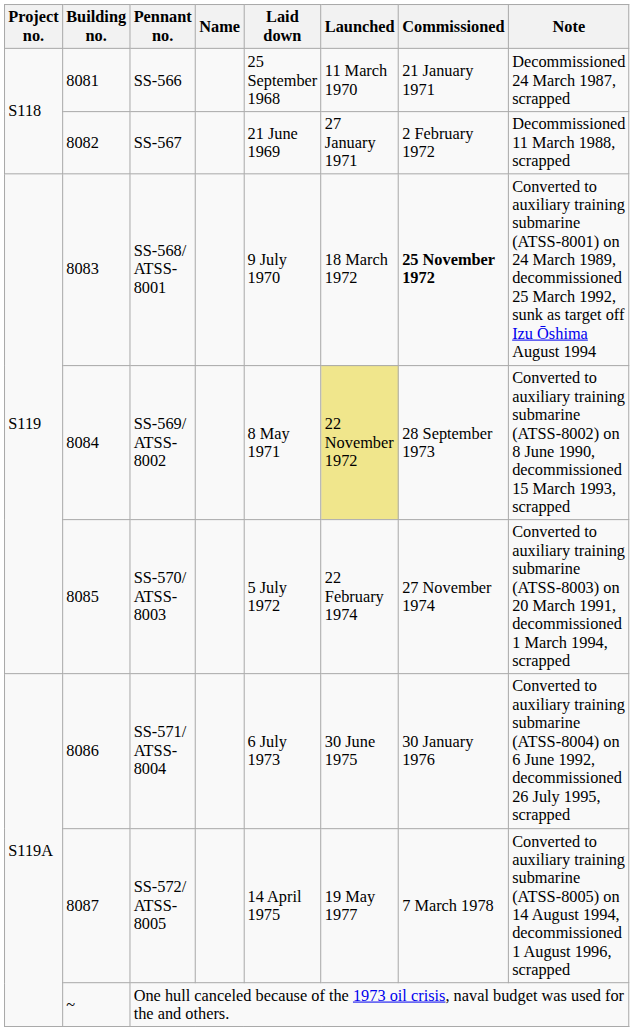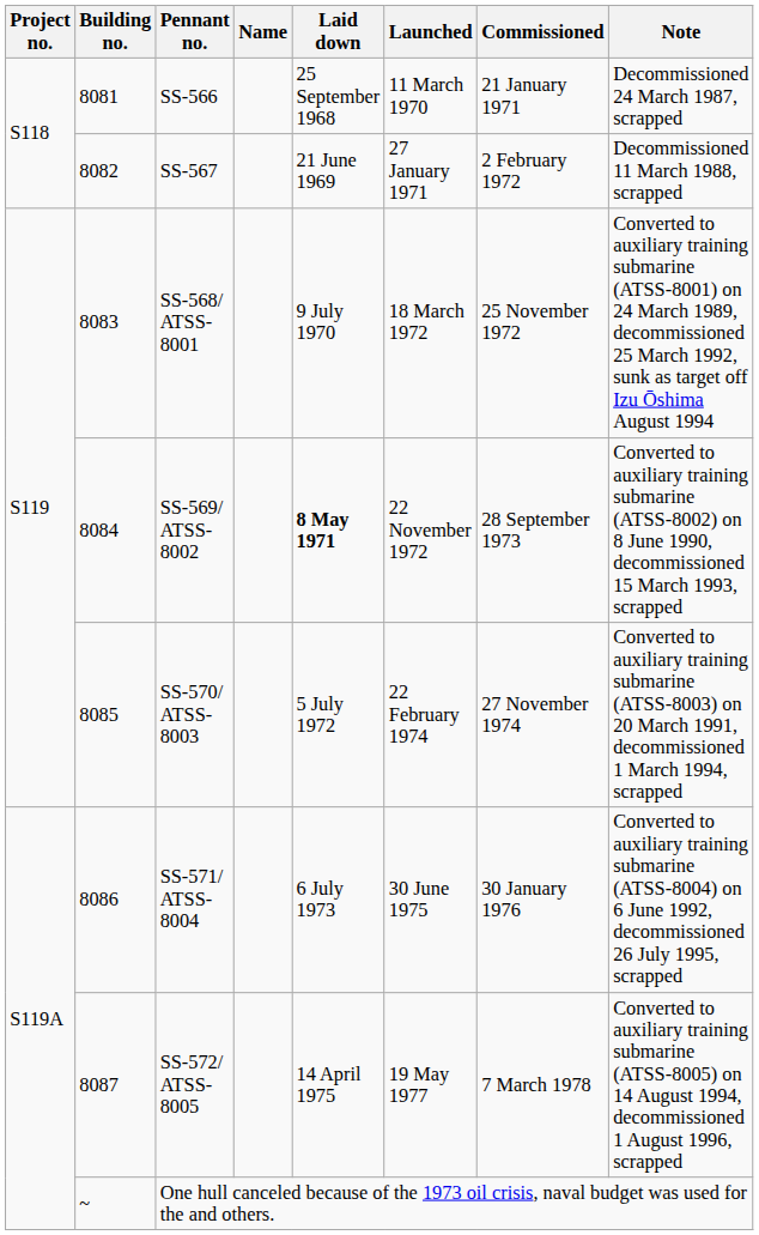 <table class=wikitable>
 <tr>
 <th>Project no.</th>
 <th>Building no.</th>
 <th>Pennant no.</th>
 <th>Name</th>
 <th>Laid down</th>
 <th>Launched</th>
 <th>Commissioned</th>
 <th width="25%">Note</th>
 </tr>
 <tr>
 <td rowspan="2">S118</td>
 <td>8081</td>
 <td>SS-566</td>
 <td></td>
 <td>25 September 1968</td>
 <td>11 March 1970</td>
 <td>21 January 1971</td>
 <td>Decommissioned 24 March 1987, scrapped</td>
 </tr>
 <tr>
 <td>8082</td>
 <td>SS-567</td>
 <td></td>
 <td>21 June 1969</td>
 <td>27 January 1971</td>
 <td>2 February 1972</td>
 <td>Decommissioned 11 March 1988, scrapped</td>
 </tr>
 <tr>
 <td rowspan="3">S119</td>
 <td>8083</td>
 <td>SS-568/<br>ATSS-8001</td>
 <td></td>
 <td>9 July 1970</td>
 <td>18 March 1972</td>
-<td><strong>25 November 1972</strong></td>
+<td>25 November 1972</td>
 <td>Converted to auxiliary training submarine (ATSS-8001) on 24 March 1989, decommissioned 25 March 1992, sunk as target off <a href='#'>Izu Ōshima</a> August 1994</td>
 </tr>
 <tr>
 <td>8084</td>
 <td>SS-569/<br>ATSS-8002</td>
 <td></td>
-<td>8 May 1971</td>
-<td style="background: khaki;">22 November 1972</td>
+<td><strong>8 May 1971</strong></td>
+<td>22 November 1972</td>
 <td>28 September 1973</td>
 <td>Converted to auxiliary training submarine (ATSS-8002) on 8 June 1990, decommissioned 15 March 1993, scrapped</td>
 </tr>
 <tr>
 <td>8085</td>
 <td>SS-570/<br>ATSS-8003</td>
 <td></td>
 <td>5 July 1972</td>
 <td>22 February 1974</td>
 <td>27 November 1974</td>
 <td>Converted to auxiliary training submarine (ATSS-8003) on 20 March 1991, decommissioned 1 March 1994, scrapped</td>
 </tr>
 <tr>
 <td rowspan="3">S119A</td>
 <td>8086</td>
 <td>SS-571/<br>ATSS-8004</td>
 <td></td>
 <td>6 July 1973</td>
 <td>30 June 1975</td>
 <td>30 January 1976</td>
 <td>Converted to auxiliary training submarine (ATSS-8004) on 6 June 1992, decommissioned 26 July 1995, scrapped</td>
 </tr>
 <tr>
 <td>8087</td>
 <td>SS-572/<br>ATSS-8005</td>
 <td></td>
 <td>14 April 1975</td>
 <td>19 May 1977</td>
 <td>7 March 1978</td>
 <td>Converted to auxiliary training submarine (ATSS-8005) on 14 August 1994, decommissioned 1 August 1996, scrapped</td>
 </tr>
 <tr>
 <td>~</td>
 <td colspan="6">One hull canceled because of the <a href='#'>1973 oil crisis</a>, naval budget was used for the  and others.</td>
 </tr>
 <tr>
 </tr>
 </table>
